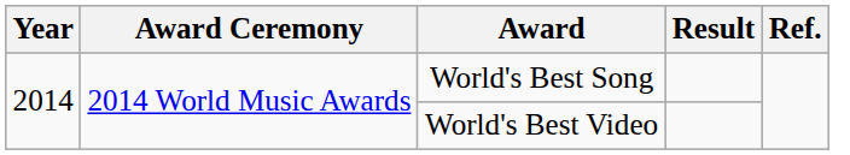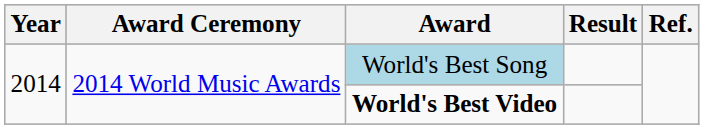 <table class="wikitable">
 <tr>
 <th>Year</th>
 <th>Award Ceremony</th>
 <th>Award</th>
 <th>Result</th>
 <th>Ref.</th>
 </tr>
 <tr>
 <td align=center rowspan="2">2014</td>
 <td align=center rowspan="2"><a href='#'>2014 World Music Awards</a></td>
-<td align=center>World's Best Song</td>
+<td align=center style="background: lightblue;">World's Best Song</td>
 <td></td>
 <td align=center rowspan="2"></td>
 </tr>
 <tr>
-<td align=center>World's Best Video</td>
+<td align=center><strong>World's Best Video</strong></td>
 <td></td>
 </tr>
 </table>
